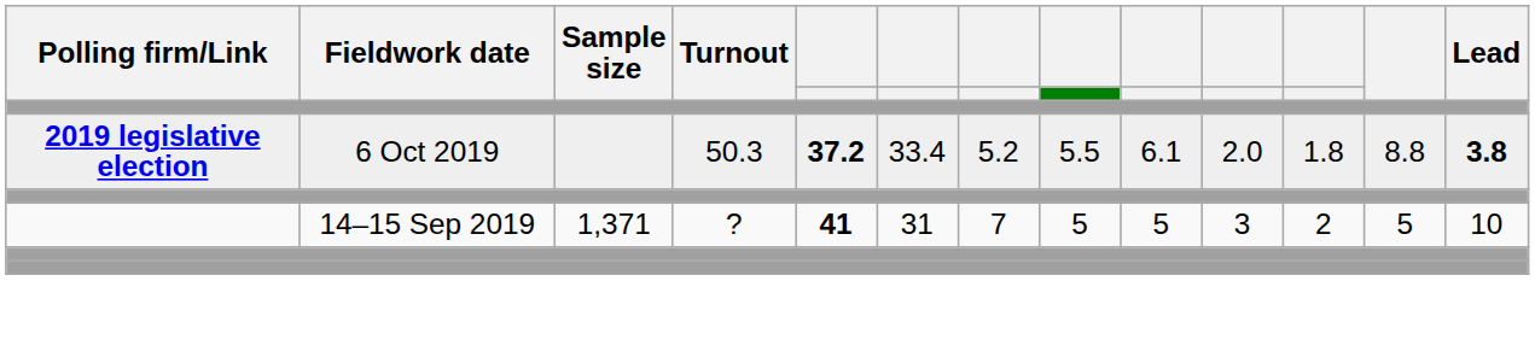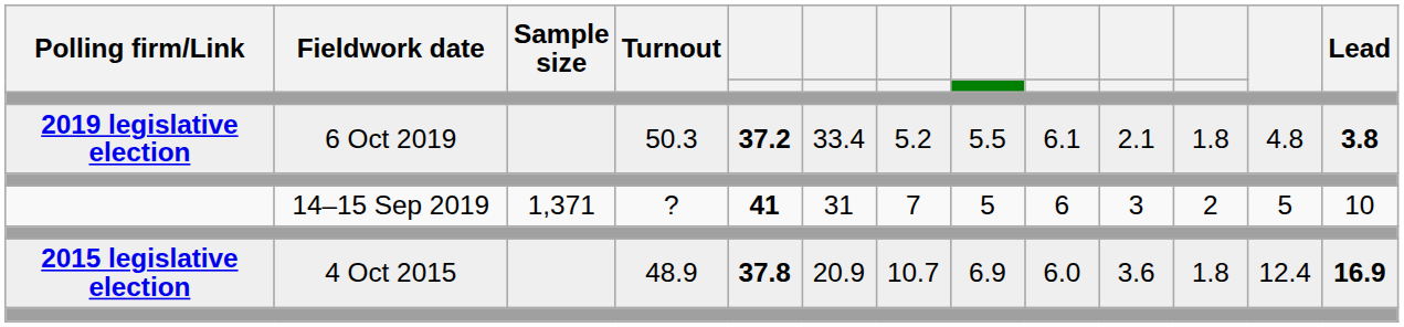 <table class="wikitable collapsible" style="text-align:center; font-size:95%; line-height:16px;">
 <tr style="height:42px;">
 <th style="width:145px;" rowspan="2">Polling firm/Link</th>
 <th style="width:125px;" rowspan="2">Fieldwork date</th>
 <th style="width:50px;" rowspan="2">Sample size</th>
 <th style="width:45px;" rowspan="2">Turnout</th>
 <th style="width:35px;"></th>
 <th style="width:35px;"></th>
 <th style="width:35px;"></th>
 <th style="width:35px;"></th>
 <th style="width:35px;"></th>
 <th style="width:35px;"></th>
 <th style="width:35px;"></th>
 <th style="width:35px;" rowspan="2"></th>
 <th style="width:30px;" rowspan="2">Lead</th>
 </tr>
 <tr>
 <th style="color:inherit;background:"></th>
 <th style="color:inherit;background:"></th>
 <th style="color:inherit;background:"></th>
 <th style="color:inherit;background:green;"></th>
 <th style="color:inherit;background:"></th>
 <th style="color:inherit;background:"></th>
 <th style="color:inherit;background:"></th>
 </tr>
 <tr>
 <td colspan="13" style="background:#A0A0A0"></td>
 </tr>
 <tr style="background:#EFEFEF;">
 <td><strong><a href='#'>2019 legislative election</a></strong></td>
 <td data-sort-value="2019-10-06">6 Oct 2019</td>
 <td></td>
 <td>50.3</td>
 <td><strong>37.2</strong><br></td>
 <td>33.4<br></td>
 <td>5.2<br></td>
 <td>5.5<br></td>
 <td>6.1<br></td>
-<td>2.0<br></td>
+<td>2.1<br></td>
 <td>1.8<br></td>
-<td>8.8<br></td>
+<td>4.8<br></td>
 <td style="background:"><strong>3.8</strong></td>
 </tr>
 <tr>
 <td colspan="13" style="background:#A0A0A0"></td>
 </tr>
 <tr>
 <td></td>
 <td>14–15 Sep 2019</td>
 <td>1,371</td>
 <td>?</td>
 <td><strong>41</strong></td>
 <td>31</td>
 <td>7</td>
 <td>5</td>
-<td>5</td>
+<td>6</td>
 <td>3</td>
 <td>2</td>
 <td>5</td>
 <td style="background:">10</td>
 </tr>
 <tr>
 <td colspan="13" style="background:#A0A0A0"></td>
 </tr>
+<tr style="background:#EFEFEF;">
+<td><strong><a href='#'>2015 legislative election</a></strong></td>
+<td>4 Oct 2015</td>
+<td></td>
+<td>48.9</td>
+<td><strong>37.8</strong><br></td>
+<td>20.9<br></td>
+<td>10.7<br></td>
+<td>6.9<br></td>
+<td>6.0<br></td>
+<td>3.6<br></td>
+<td>1.8<br></td>
+<td>12.4<br></td>
+<td style="background:"><strong>16.9</strong></td>
+</tr>
 <tr>
 <td colspan="13" style="background:#A0A0A0"></td>
 </tr>
 </table>
